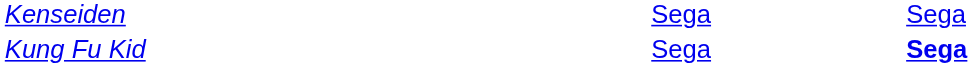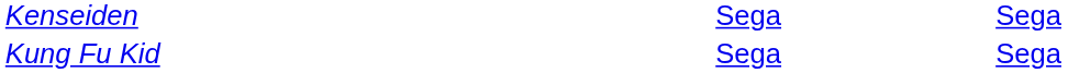 <table style="width:100%;">
 <tr>
 <td style="width:46%;"><em><a href='#'>Kenseiden</a></em></td>
 <td style="width:18%;"><a href='#'>Sega</a></td>
 <td style="width:18%;"><a href='#'>Sega</a></td>
 <td style="width:18%;"></td>
 </tr>
 <tr>
 <td><em><a href='#'>Kung Fu Kid</a></em></td>
 <td><a href='#'>Sega</a></td>
-<td><strong><a href='#'>Sega</a></strong></td>
+<td><a href='#'>Sega</a></td>
 <td></td>
 </tr>
 </table>
